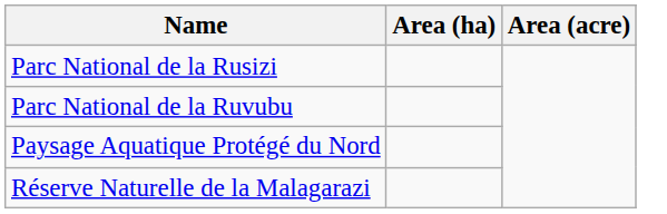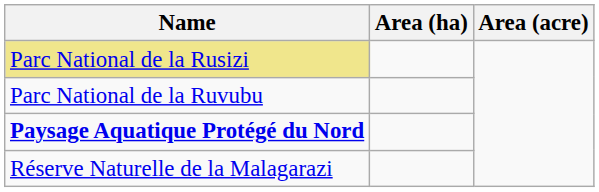 <table class="wikitable sortable">
 <tr>
 <th scope="col" align=left>Name</th>
 <th scope="col">Area (ha)</th>
 <th scope="col">Area (acre)</th>
 </tr>
 <tr ---->
-<td><a href='#'>Parc National de la Rusizi</a></td>
+<td style="background: khaki;"><a href='#'>Parc National de la Rusizi</a></td>
 <td></td>
 </tr>
 <tr ---->
 <td><a href='#'>Parc National de la Ruvubu</a></td>
 <td></td>
 </tr>
 <tr ---->
-<td><a href='#'>Paysage Aquatique Protégé du Nord</a></td>
+<td><strong><a href='#'>Paysage Aquatique Protégé du Nord</a></strong></td>
 <td></td>
 </tr>
 <tr ---->
 <td><a href='#'>Réserve Naturelle de la Malagarazi</a></td>
 <td></td>
 </tr>
 </table>
